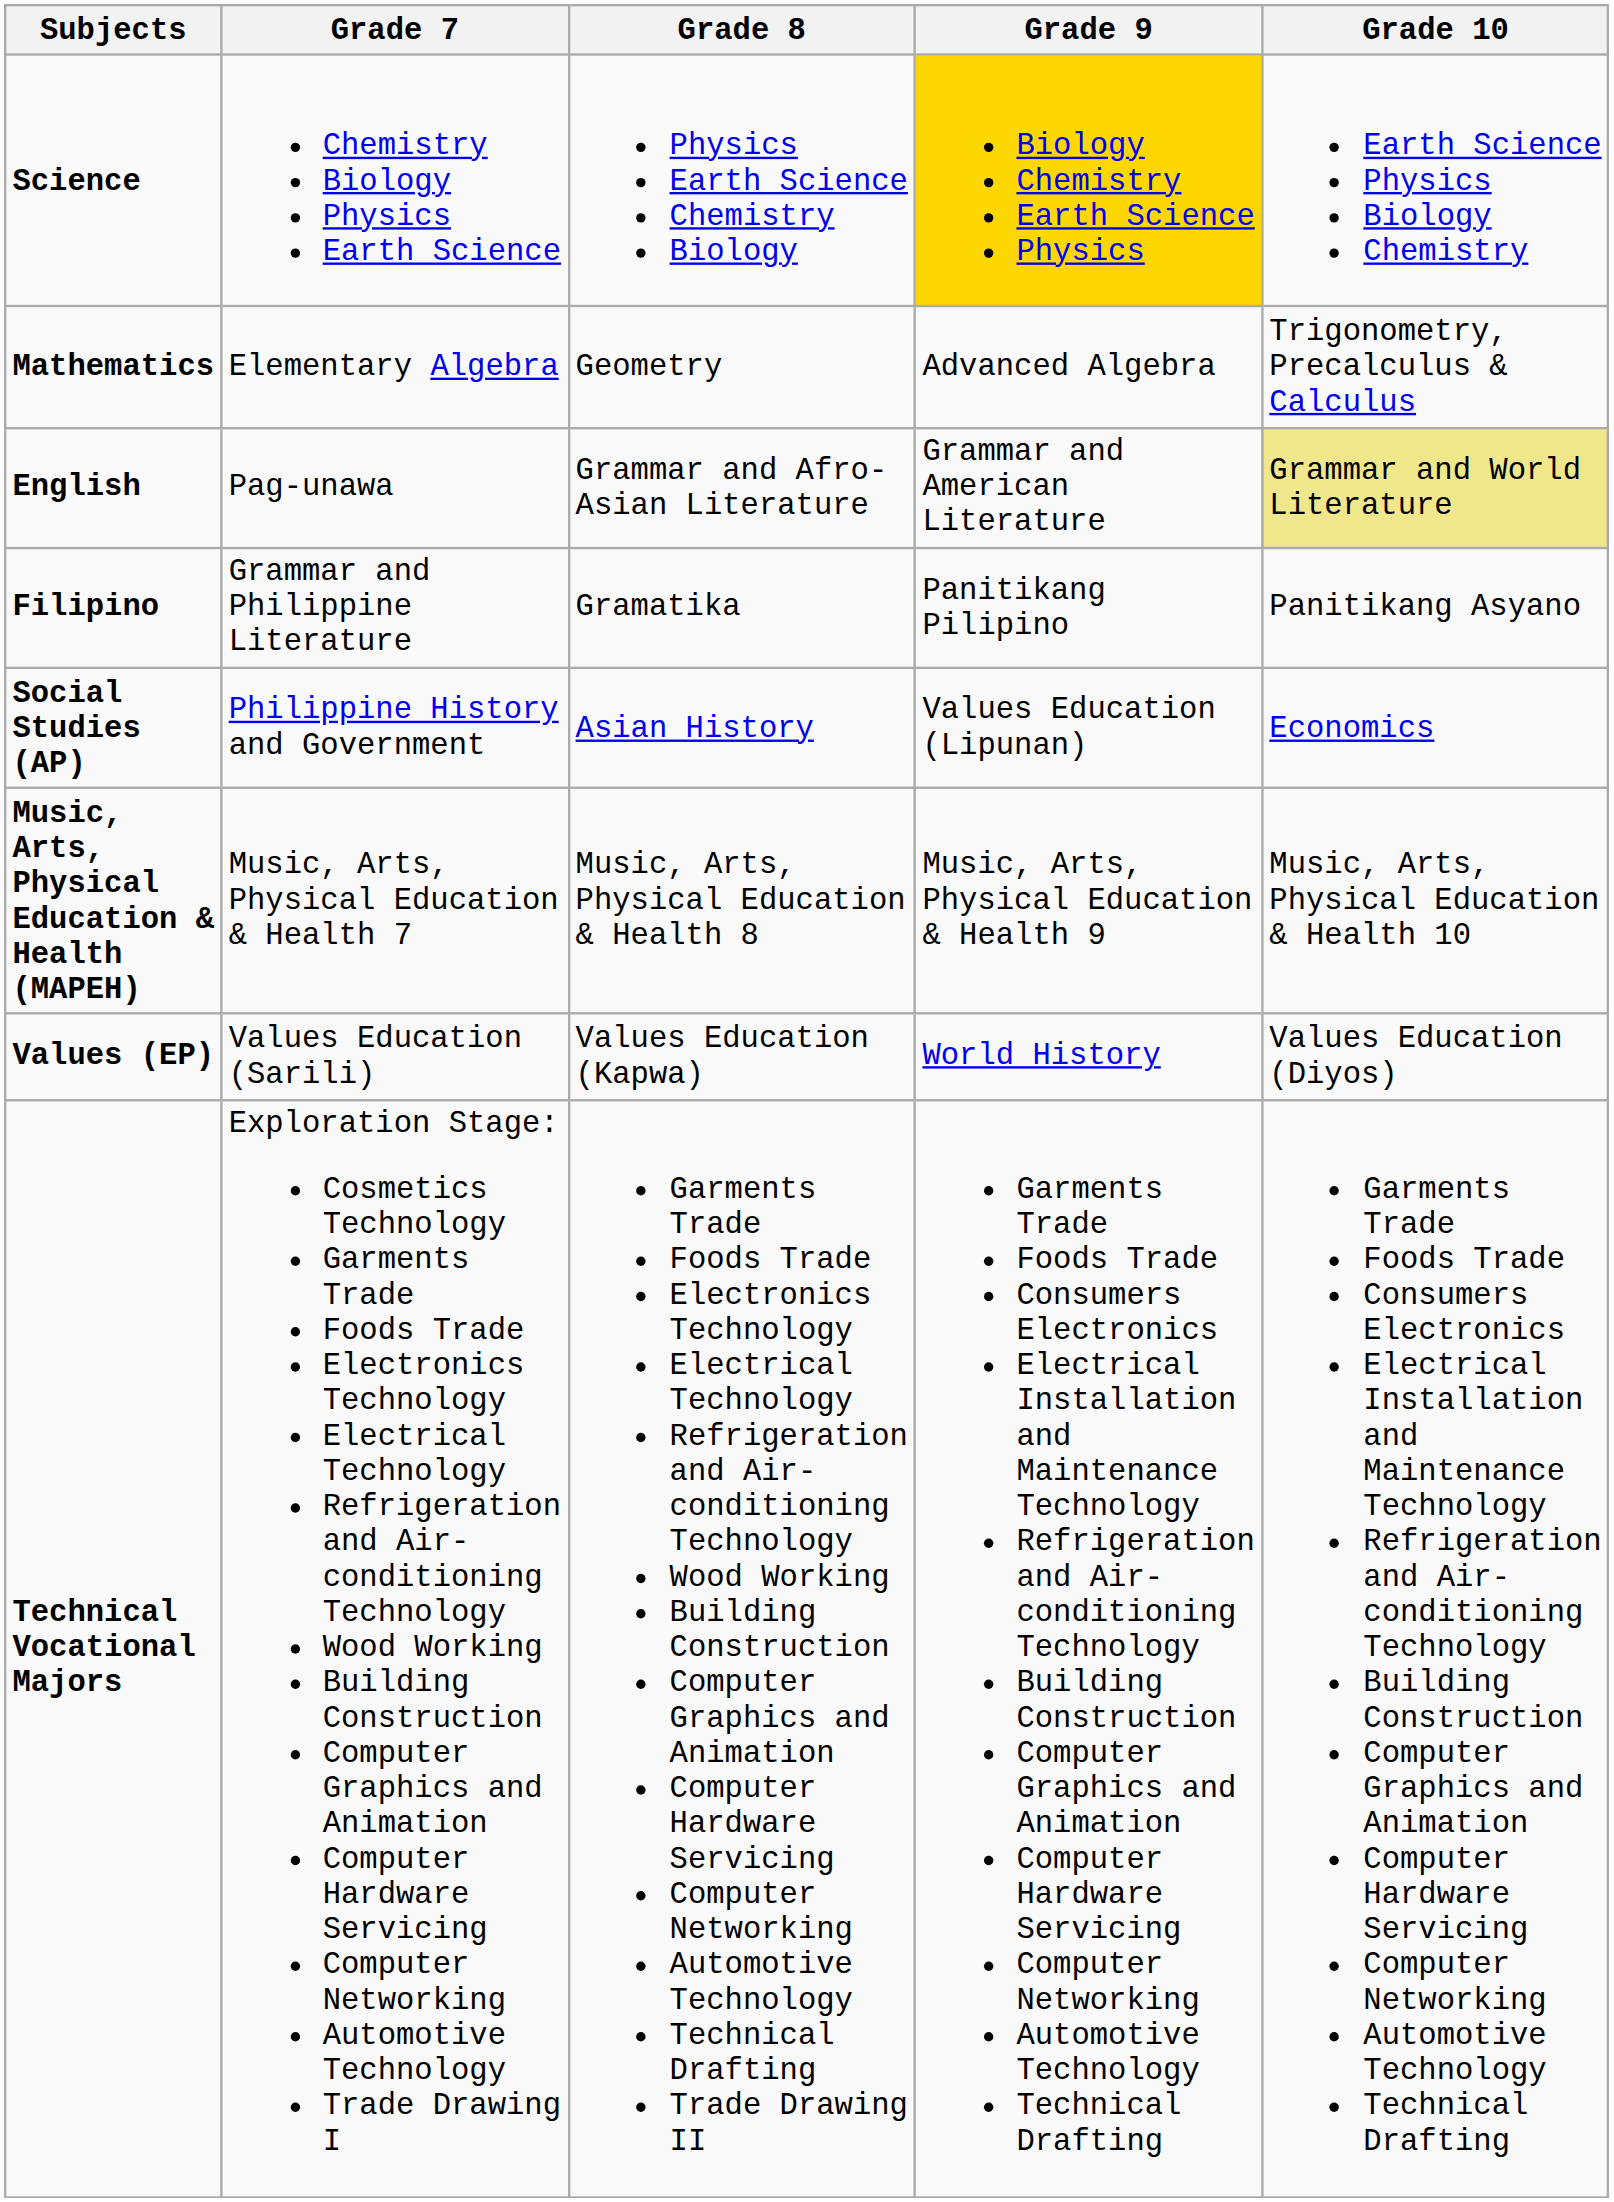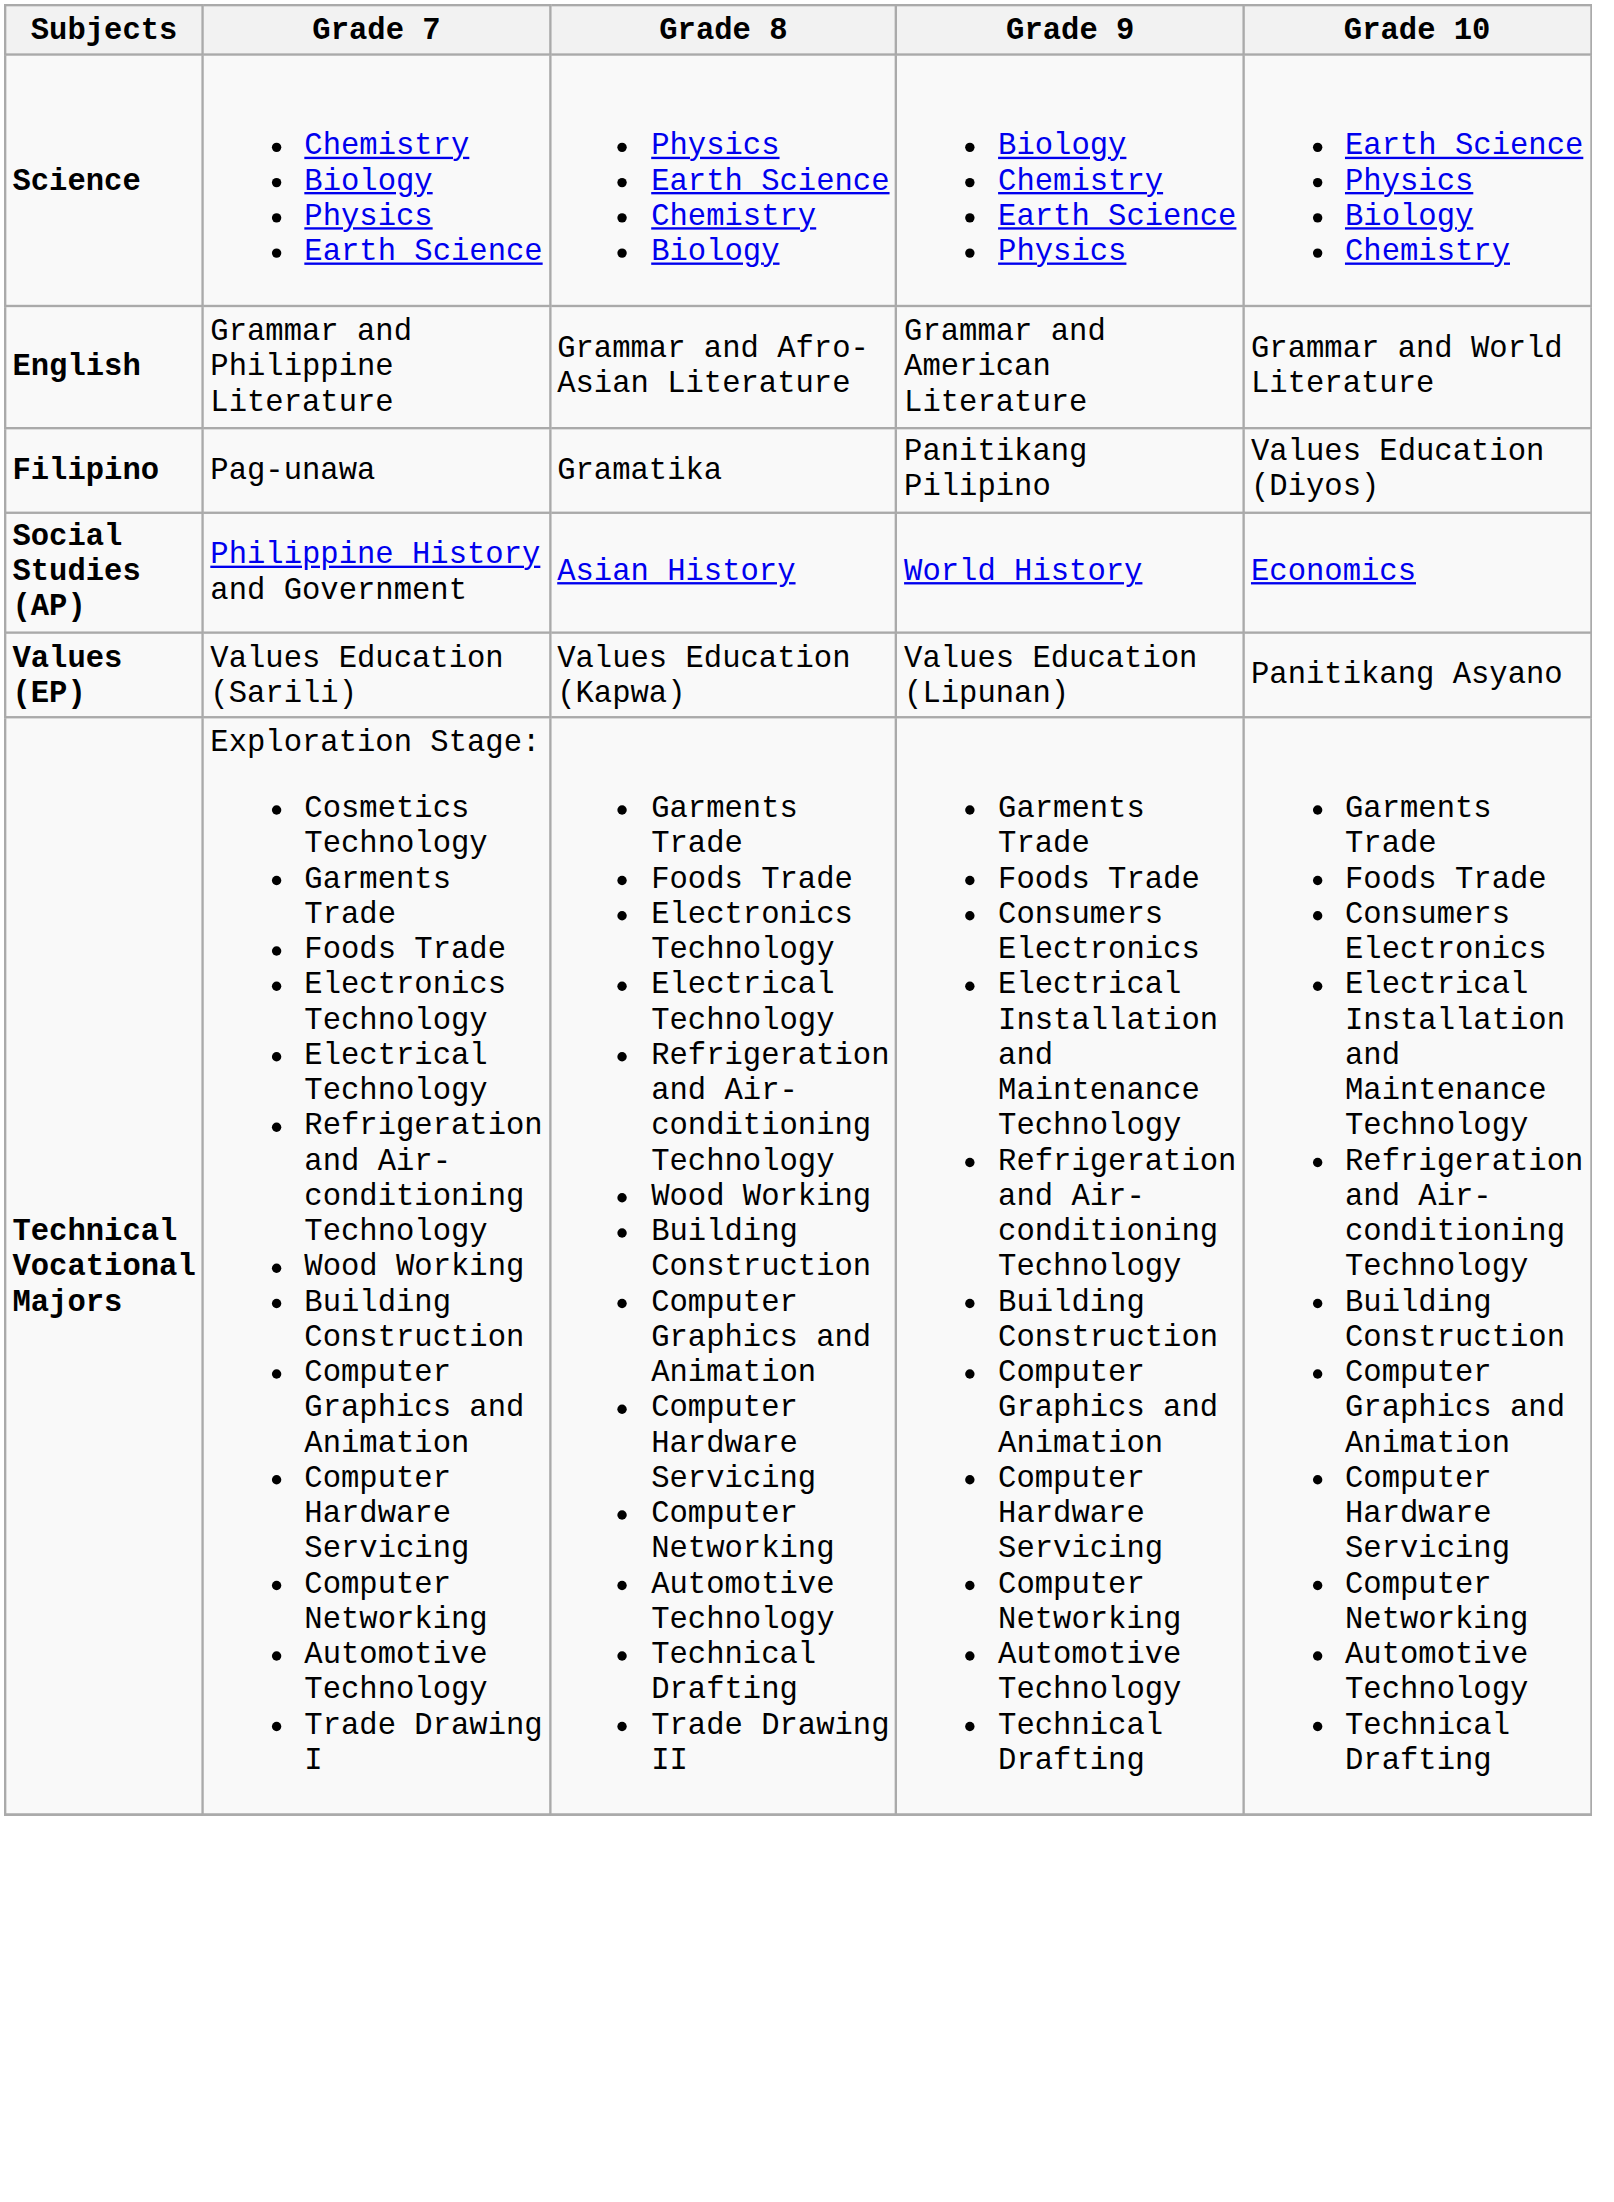 <table class="wikitable">
 <tr>
 <th><strong>Subjects</strong></th>
 <th><strong>Grade 7</strong></th>
 <th><strong>Grade 8</strong></th>
 <th><strong>Grade 9</strong></th>
 <th><strong>Grade 10</strong></th>
 </tr>
 <tr>
 <td><strong>Science</strong></td>
 <td><br><ul><li><a href='#'>Chemistry</a></li><li><a href='#'>Biology</a></li><li><a href='#'>Physics</a></li><li><a href='#'>Earth Science</a></li></ul></td>
 <td><br><ul><li><a href='#'>Physics</a></li><li><a href='#'>Earth Science</a></li><li><a href='#'>Chemistry</a></li><li><a href='#'>Biology</a></li></ul></td>
-<td style="background: gold;"><br><ul><li><a href='#'>Biology</a></li><li><a href='#'>Chemistry</a></li><li><a href='#'>Earth Science</a></li><li><a href='#'>Physics</a></li></ul></td>
+<td><br><ul><li><a href='#'>Biology</a></li><li><a href='#'>Chemistry</a></li><li><a href='#'>Earth Science</a></li><li><a href='#'>Physics</a></li></ul></td>
 <td><br><ul><li><a href='#'>Earth Science</a></li><li><a href='#'>Physics</a></li><li><a href='#'>Biology</a></li><li><a href='#'>Chemistry</a></li></ul></td>
 </tr>
 <tr>
-<td><strong>Mathematics</strong></td>
-<td>Elementary <a href='#'>Algebra</a></td>
-<td>Geometry</td>
-<td>Advanced Algebra</td>
-<td>Trigonometry, Precalculus & <a href='#'>Calculus</a></td>
-</tr>
-<tr>
 <td><strong>English</strong></td>
-<td>Pag-unawa</td>
+<td>Grammar and Philippine Literature</td>
 <td>Grammar and Afro-Asian Literature</td>
 <td>Grammar and American Literature</td>
-<td style="background: khaki;">Grammar and World Literature</td>
+<td>Grammar and World Literature</td>
 </tr>
 <tr>
 <td><strong>Filipino</strong></td>
-<td>Grammar and Philippine Literature</td>
+<td>Pag-unawa</td>
 <td>Gramatika</td>
 <td>Panitikang Pilipino</td>
-<td>Panitikang Asyano</td>
+<td>Values Education (Diyos)</td>
 </tr>
 <tr>
 <td><strong>Social Studies (AP)</strong></td>
 <td><a href='#'>Philippine History</a> and Government</td>
 <td><a href='#'>Asian History</a></td>
-<td>Values Education (Lipunan)</td>
+<td><a href='#'>World History</a></td>
 <td><a href='#'>Economics</a></td>
-</tr>
-<tr>
-<td><strong>Music, Arts, Physical Education & Health (MAPEH)</strong></td>
-<td>Music, Arts, Physical Education & Health 7</td>
-<td>Music, Arts, Physical Education & Health 8</td>
-<td>Music, Arts, Physical Education & Health 9</td>
-<td>Music, Arts, Physical Education & Health 10</td>
 </tr>
 <tr>
 <td><strong>Values (EP)</strong></td>
 <td>Values Education (Sarili)</td>
 <td>Values Education (Kapwa)</td>
-<td><a href='#'>World History</a></td>
-<td>Values Education (Diyos)</td>
+<td>Values Education (Lipunan)</td>
+<td>Panitikang Asyano</td>
 </tr>
 <tr>
 <td><strong>Technical Vocational Majors</strong></td>
 <td>Exploration Stage:<br><ul><li>Cosmetics Technology</li><li>Garments Trade</li><li>Foods Trade</li><li>Electronics Technology</li><li>Electrical Technology</li><li>Refrigeration and Air-conditioning Technology</li><li>Wood Working</li><li>Building Construction</li><li>Computer Graphics and Animation</li><li>Computer Hardware Servicing</li><li>Computer Networking</li><li>Automotive Technology</li><li>Trade Drawing I</li></ul></td>
 <td><br><ul><li>Garments Trade</li><li>Foods Trade</li><li>Electronics Technology</li><li>Electrical Technology</li><li>Refrigeration and Air-conditioning Technology</li><li>Wood Working</li><li>Building Construction</li><li>Computer Graphics and Animation</li><li>Computer Hardware Servicing</li><li>Computer Networking</li><li>Automotive Technology</li><li>Technical Drafting</li><li>Trade Drawing II</li></ul></td>
 <td><br><ul><li>Garments Trade</li><li>Foods Trade</li><li>Consumers Electronics</li><li>Electrical Installation and Maintenance Technology</li><li>Refrigeration and Air-conditioning Technology</li><li>Building Construction</li><li>Computer Graphics and Animation</li><li>Computer Hardware Servicing</li><li>Computer Networking</li><li>Automotive Technology</li><li>Technical Drafting</li></ul></td>
 <td><br><ul><li>Garments Trade</li><li>Foods Trade</li><li>Consumers Electronics</li><li>Electrical Installation and Maintenance Technology</li><li>Refrigeration and Air-conditioning Technology</li><li>Building Construction</li><li>Computer Graphics and Animation</li><li>Computer Hardware Servicing</li><li>Computer Networking</li><li>Automotive Technology</li><li>Technical Drafting</li></ul></td>
 </tr>
 <tr>
 </tr>
 </table>
